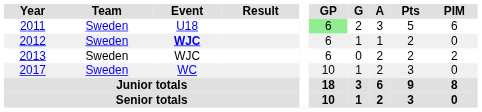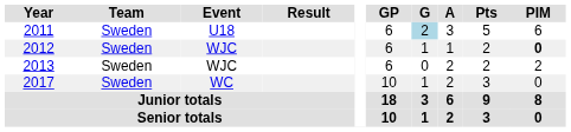 <table border="0" cellpadding="1" cellspacing="0" style="text-align:center; width:40em">
 <tr ALIGN="center" bgcolor="#e0e0e0">
 <th>Year</th>
 <th>Team</th>
 <th>Event</th>
 <th>Result</th>
 <th rowspan="99" bgcolor="#ffffff"> </th>
 <th>GP</th>
 <th>G</th>
 <th>A</th>
 <th>Pts</th>
 <th>PIM</th>
 </tr>
 <tr>
 <td><a href='#'>2011</a></td>
 <td><a href='#'>Sweden</a></td>
 <td><a href='#'>U18</a></td>
 <td></td>
-<td style="background: lightgreen;">6</td>
-<td>2</td>
+<td>6</td>
+<td style="background: lightblue;">2</td>
 <td>3</td>
 <td>5</td>
 <td>6</td>
 </tr>
 <tr bgcolor="#f0f0f0">
 <td><a href='#'>2012</a></td>
 <td><a href='#'>Sweden</a></td>
-<td><strong><a href='#'>WJC</a></strong></td>
+<td><a href='#'>WJC</a></td>
 <td></td>
 <td>6</td>
 <td>1</td>
 <td>1</td>
 <td>2</td>
-<td>0</td>
+<td><strong>0</strong></td>
 </tr>
 <tr>
 <td><a href='#'>2013</a></td>
 <td>Sweden</td>
 <td>WJC</td>
 <td></td>
 <td>6</td>
 <td>0</td>
 <td>2</td>
 <td>2</td>
 <td>2</td>
 </tr>
 <tr bgcolor="#f0f0f0">
 <td><a href='#'>2017</a></td>
 <td><a href='#'>Sweden</a></td>
 <td><a href='#'>WC</a></td>
 <td></td>
 <td>10</td>
 <td>1</td>
 <td>2</td>
 <td>3</td>
 <td>0</td>
 </tr>
 <tr bgcolor="#e0e0e0">
 <th colspan="4">Junior totals</th>
 <th>18</th>
 <th>3</th>
 <th>6</th>
 <th>9</th>
 <th>8</th>
 </tr>
 <tr bgcolor="#e0e0e0">
 <th colspan="4">Senior totals</th>
 <th>10</th>
 <th>1</th>
 <th>2</th>
 <th>3</th>
 <th>0</th>
 </tr>
 </table>
